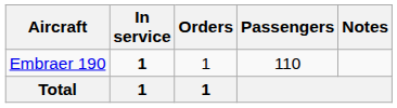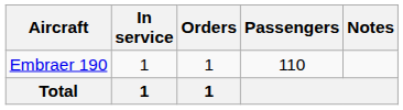 <table class="wikitable" style="margin:0.5em auto; text-align:center">
 <tr>
 <th>Aircraft</th>
 <th>In<br>service</th>
 <th>Orders</th>
 <th>Passengers</th>
 <th>Notes</th>
 </tr>
 <tr>
 <td><a href='#'>Embraer 190</a></td>
-<td><strong>1</strong></td>
+<td>1</td>
 <td>1</td>
 <td>110</td>
 <td></td>
 </tr>
 <tr>
 <th>Total</th>
 <th>1</th>
 <th>1</th>
 <th colspan=2></th>
 </tr>
 </table>
